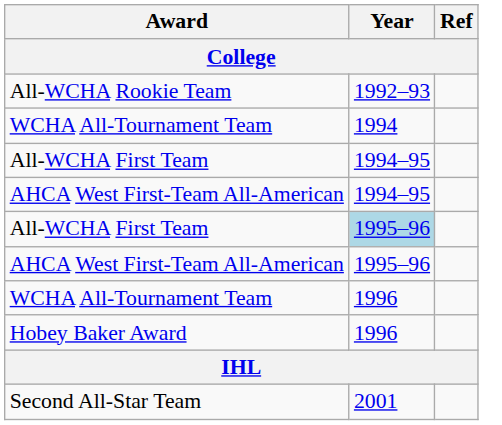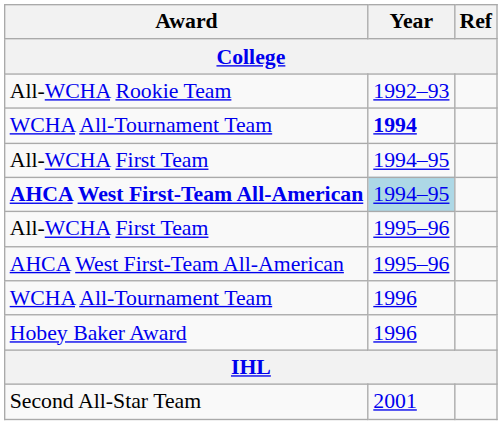 <table class="wikitable">
 <tr>
 <th>Award</th>
 <th>Year</th>
 <th>Ref</th>
 </tr>
 <tr>
 <th colspan="3"><a href='#'>College</a></th>
 </tr>
 <tr>
 <td>All-<a href='#'>WCHA</a> <a href='#'>Rookie Team</a></td>
 <td><a href='#'>1992–93</a></td>
 <td></td>
 </tr>
 <tr>
 <td><a href='#'>WCHA</a> <a href='#'>All-Tournament Team</a></td>
-<td><a href='#'>1994</a></td>
+<td><strong><a href='#'>1994</a></strong></td>
 <td></td>
 </tr>
 <tr>
 <td>All-<a href='#'>WCHA</a> <a href='#'>First Team</a></td>
 <td><a href='#'>1994–95</a></td>
 <td></td>
 </tr>
 <tr>
-<td><a href='#'>AHCA</a> <a href='#'>West First-Team All-American</a></td>
-<td><a href='#'>1994–95</a></td>
+<td><strong><a href='#'>AHCA</a> <a href='#'>West First-Team All-American</a></strong></td>
+<td style="background: lightblue;"><a href='#'>1994–95</a></td>
 <td></td>
 </tr>
 <tr>
 <td>All-<a href='#'>WCHA</a> <a href='#'>First Team</a></td>
-<td style="background: lightblue;"><a href='#'>1995–96</a></td>
+<td><a href='#'>1995–96</a></td>
 <td></td>
 </tr>
 <tr>
 <td><a href='#'>AHCA</a> <a href='#'>West First-Team All-American</a></td>
 <td><a href='#'>1995–96</a></td>
 <td></td>
 </tr>
 <tr>
 <td><a href='#'>WCHA</a> <a href='#'>All-Tournament Team</a></td>
 <td><a href='#'>1996</a></td>
 <td></td>
 </tr>
 <tr>
 <td><a href='#'>Hobey Baker Award</a></td>
 <td><a href='#'>1996</a></td>
 <td></td>
 </tr>
 <tr>
 <th colspan="3"><a href='#'>IHL</a></th>
 </tr>
 <tr>
 <td>Second All-Star Team</td>
 <td><a href='#'>2001</a></td>
 <td></td>
 </tr>
 </table>
